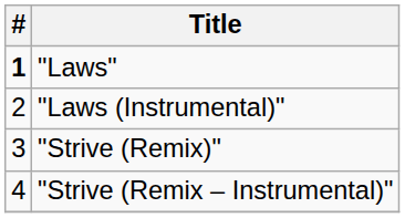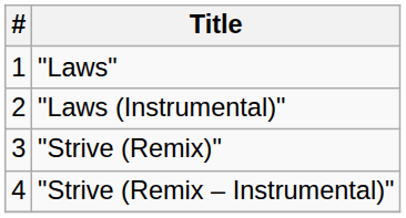 <table class="wikitable">
 <tr>
 <th>#</th>
 <th>Title</th>
 </tr>
 <tr>
-<td><strong>1</strong></td>
+<td>1</td>
 <td>"Laws"</td>
 </tr>
 <tr>
 <td>2</td>
 <td>"Laws (Instrumental)"</td>
 </tr>
 <tr>
 <td>3</td>
 <td>"Strive (Remix)"</td>
 </tr>
 <tr>
 <td>4</td>
 <td>"Strive (Remix – Instrumental)"</td>
 </tr>
 <tr>
 </tr>
 </table>
